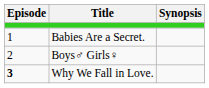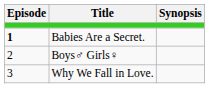 <table class="wikitable">
 <tr>
 <th>Episode</th>
 <th>Title</th>
 <th>Synopsis</th>
 </tr>
 <tr>
 <td colspan="4" bgcolor="#2FCE1F"></td>
 </tr>
 <tr>
-<td>1</td>
+<td><strong>1</strong></td>
 <td>Babies Are a Secret.</td>
 <td></td>
 </tr>
 <tr>
 <td>2</td>
 <td>Boys♂ Girls♀</td>
 <td></td>
 </tr>
 <tr>
-<td><strong>3</strong></td>
+<td>3</td>
 <td>Why We Fall in Love.</td>
 <td></td>
 </tr>
 </table>
